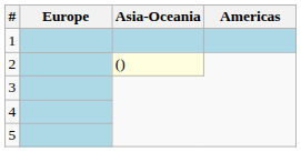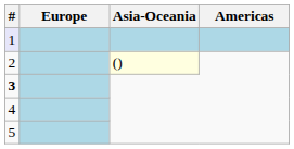 <table class=wikitable style="text-alignleft;">
 <tr>
 <th width=5%>#</th>
 <th width=31.66%>Europe</th>
 <th width=31.66%>Asia-Oceania</th>
 <th width=31.66%>Americas</th>
 </tr>
 <tr>
-<td align=center>1</td>
+<td align=center style="background: lavender;">1</td>
 <td bgcolor=lightblue></td>
 <td bgcolor=lightblue></td>
 <td bgcolor=lightblue></td>
 </tr>
 <tr>
 <td align=center>2</td>
 <td bgcolor=lightblue></td>
 <td bgcolor=lightyellow> ()</td>
 </tr>
 <tr>
-<td align=center>3</td>
+<td align=center><strong>3</strong></td>
 <td bgcolor=lightblue></td>
 </tr>
 <tr>
 <td align=center>4</td>
 <td bgcolor=lightblue></td>
 </tr>
 <tr>
 <td align=center>5</td>
 <td bgcolor=lightblue></td>
 </tr>
 </table>
